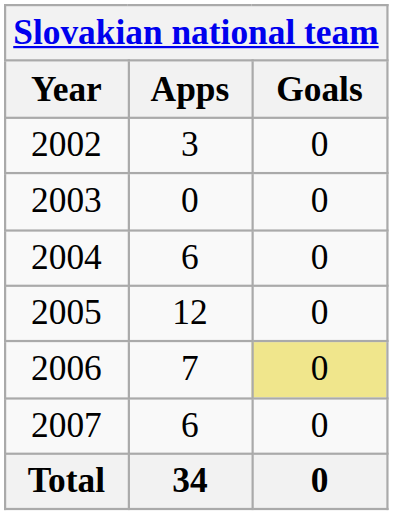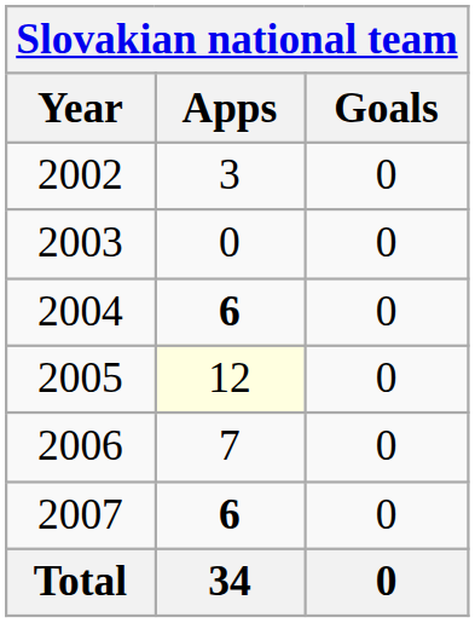 <table class="wikitable" style="text-align:center">
 <tr>
 <th colspan=3><a href='#'>Slovakian national team</a></th>
 </tr>
 <tr>
 <th>Year</th>
 <th>Apps</th>
 <th>Goals</th>
 </tr>
 <tr>
 <td>2002</td>
 <td>3</td>
 <td>0</td>
 </tr>
 <tr>
 <td>2003</td>
 <td>0</td>
 <td>0</td>
 </tr>
 <tr>
 <td>2004</td>
-<td>6</td>
+<td><strong>6</strong></td>
 <td>0</td>
 </tr>
 <tr>
 <td>2005</td>
-<td>12</td>
+<td style="background: lightyellow;">12</td>
 <td>0</td>
 </tr>
 <tr>
 <td>2006</td>
 <td>7</td>
-<td style="background: khaki;">0</td>
+<td>0</td>
 </tr>
 <tr>
 <td>2007</td>
-<td>6</td>
+<td><strong>6</strong></td>
 <td>0</td>
 </tr>
 <tr>
 <th>Total</th>
 <th>34</th>
 <th>0</th>
 </tr>
 </table>
